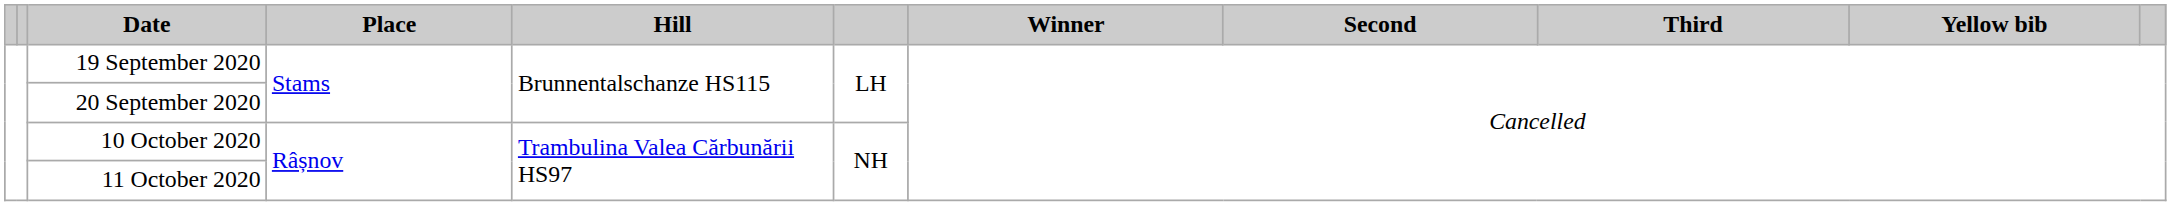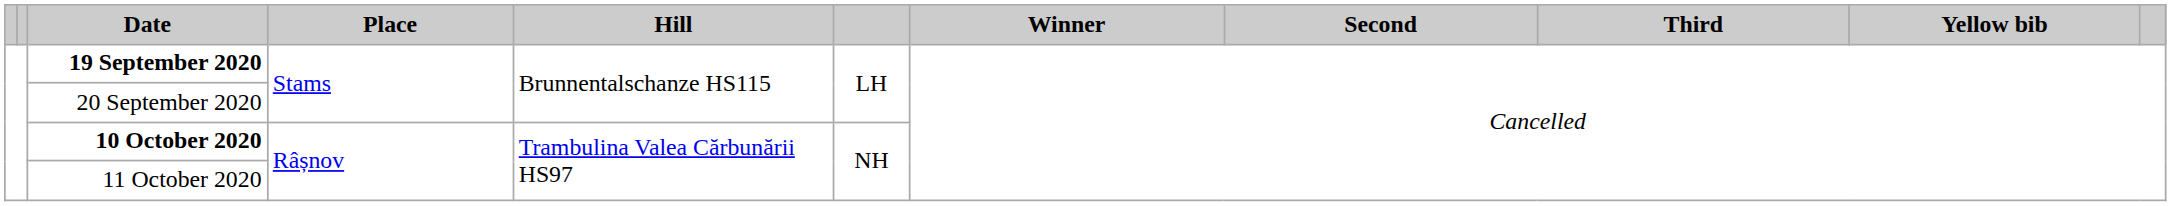 <table class="wikitable plainrowheaders" style="background:#fff; font-size:86%; line-height:16px; border:grey solid 1px; border-collapse:collapse;">
 <tr style="background:#ccc; text-align:center;">
 <th scope="col" style="background:#ccc; width=30 px;"></th>
 <th scope="col" style="background:#ccc; width=45 px;"></th>
 <th scope="col" style="background:#ccc; width:140px;">Date</th>
 <th scope="col" style="background:#ccc; width:150px;">Place</th>
 <th scope="col" style="background:#ccc; width:190px;">Hill</th>
 <th scope="col" style="background:#ccc; width:40px;"></th>
 <th scope="col" style="background:#ccc; width:195px;">Winner</th>
 <th scope="col" style="background:#ccc; width:195px;">Second</th>
 <th scope="col" style="background:#ccc; width:195px;">Third</th>
 <th scope="col" style="background:#ccc; width:180px;">Yellow bib</th>
 <th scope="col" style="background:#ccc; width:10px;"></th>
 </tr>
 <tr>
 <td rowspan=4 colspan=2></td>
-<td align=right>19 September 2020</td>
+<td align=right><strong>19 September 2020</strong></td>
 <td rowspan=2> <a href='#'>Stams</a></td>
 <td rowspan=2>Brunnentalschanze HS115</td>
 <td rowspan=2 align=center>LH</td>
 <td colspan=5 rowspan=4 align=center><em>Cancelled</em></td>
 </tr>
 <tr>
 <td align=right>20 September 2020</td>
 </tr>
 <tr>
-<td align=right>10 October 2020</td>
+<td align=right><strong>10 October 2020</strong></td>
 <td rowspan=2> <a href='#'>Râșnov</a></td>
 <td rowspan=2><a href='#'>Trambulina Valea Cărbunării</a> HS97</td>
 <td rowspan=2 align=center>NH</td>
 </tr>
 <tr>
 <td align=right>11 October 2020</td>
 </tr>
 </table>
